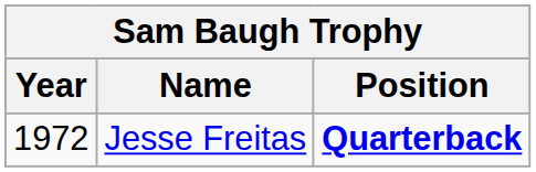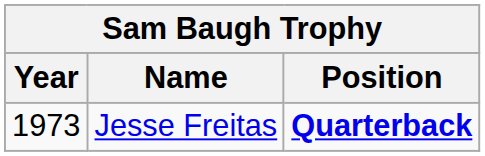 <table class="wikitable">
 <tr align="center">
 <th colspan=5>Sam Baugh Trophy</th>
 </tr>
 <tr>
 <th>Year</th>
 <th>Name</th>
 <th>Position</th>
 </tr>
 <tr align="center" bgcolor="">
-<td>1972</td>
+<td>1973</td>
 <td><a href='#'>Jesse Freitas</a></td>
 <td><strong><a href='#'>Quarterback</a></strong></td>
 </tr>
 </table>
